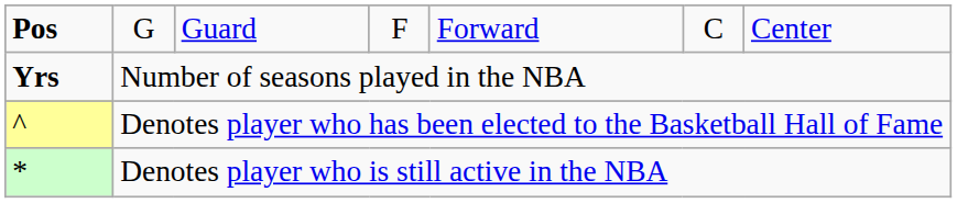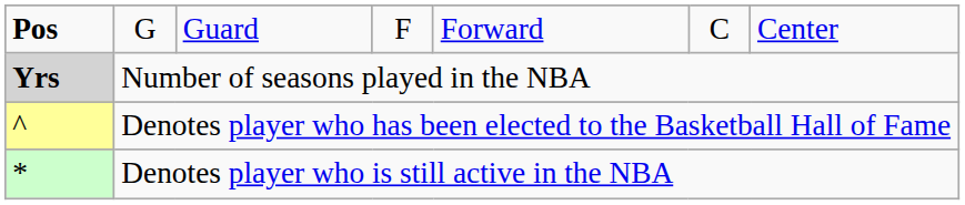 <table class="wikitable">
 <tr>
 <td style="width:50px;"><strong>Pos</strong></td>
 <td style="width:25px; text-align:center;">G</td>
 <td><a href='#'>Guard</a></td>
 <td style="width:25px; text-align:center;">F</td>
 <td><a href='#'>Forward</a></td>
 <td style="width:25px; text-align:center;">C</td>
 <td><a href='#'>Center</a></td>
 </tr>
 <tr>
-<td><strong>Yrs</strong></td>
+<td style="background: lightgrey;"><strong>Yrs</strong></td>
 <td colspan="6">Number of seasons played in the NBA</td>
 </tr>
 <tr>
 <td style="background:#ff9;">^</td>
 <td colspan="6">Denotes <a href='#'>player who has been elected to the Basketball Hall of Fame</a></td>
 </tr>
 <tr>
 <td style="background:#cfc;">*</td>
 <td colspan="6">Denotes <a href='#'>player who is still active in the NBA</a></td>
 </tr>
 </table>
